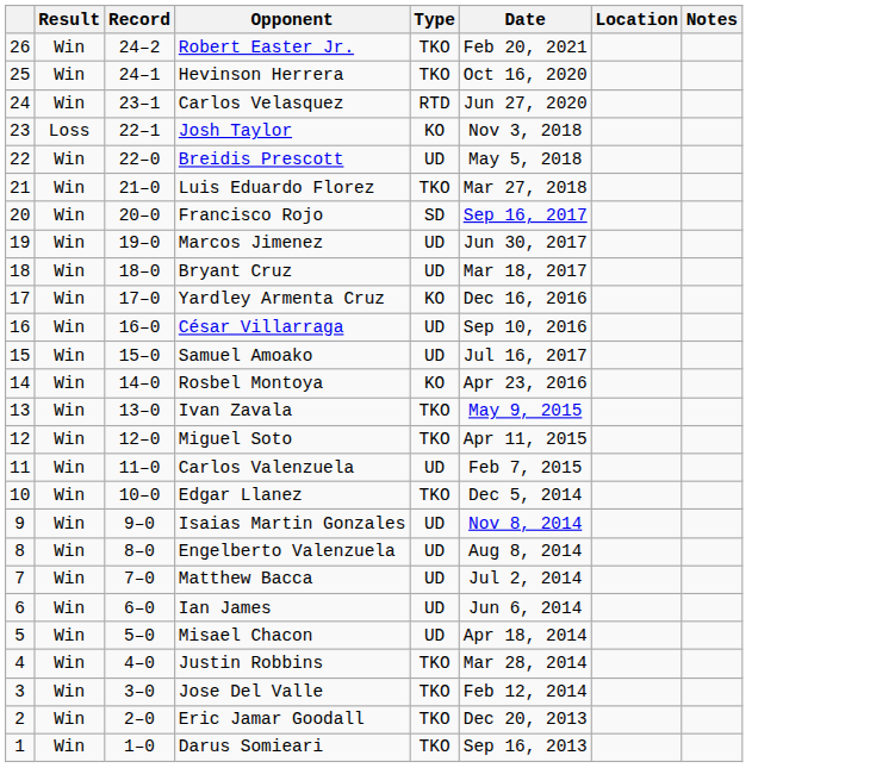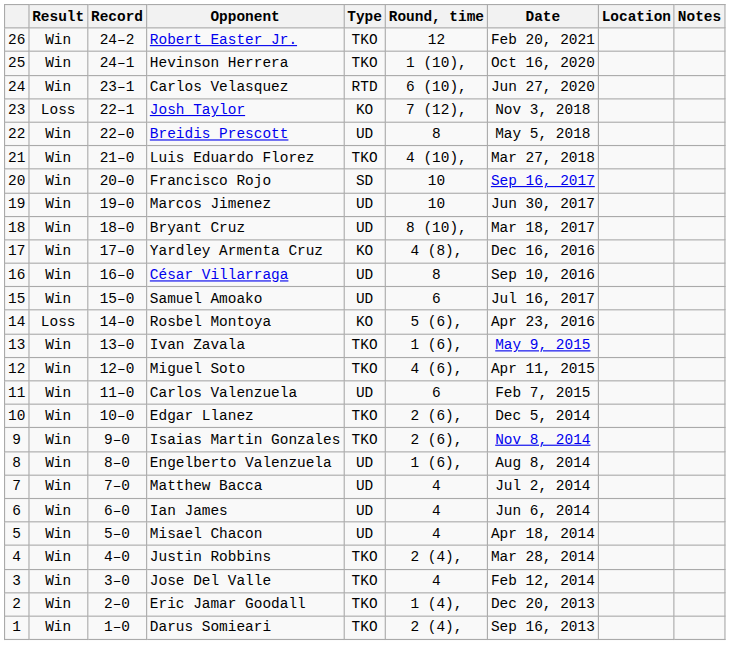 <table class="wikitable" style="text-align:center">
 <tr>
 <th></th>
 <th>Result</th>
 <th>Record</th>
 <th>Opponent</th>
 <th>Type</th>
+<th>Round, time</th>
 <th>Date</th>
 <th>Location</th>
 <th>Notes</th>
 </tr>
 <tr>
 <td>26</td>
 <td>Win</td>
 <td>24–2</td>
 <td align=left> <a href='#'>Robert Easter Jr.</a></td>
 <td>TKO</td>
+<td>12</td>
 <td>Feb 20, 2021</td>
 <td align=left> </td>
 <td></td>
 </tr>
 <tr>
 <td>25</td>
 <td>Win</td>
 <td>24–1</td>
 <td align=left> Hevinson Herrera</td>
 <td>TKO</td>
+<td>1 (10), </td>
 <td>Oct 16, 2020</td>
 <td align=left></td>
 <td></td>
 </tr>
 <tr>
 <td>24</td>
 <td>Win</td>
 <td>23–1</td>
 <td align=left> Carlos Velasquez</td>
 <td>RTD</td>
+<td>6 (10), </td>
 <td>Jun 27, 2020</td>
 <td align=left></td>
 <td></td>
 </tr>
 <tr>
 <td>23</td>
 <td>Loss</td>
 <td>22–1</td>
 <td align=left> <a href='#'>Josh Taylor</a></td>
 <td>KO</td>
+<td>7 (12), </td>
 <td>Nov 3, 2018</td>
 <td align=left> </td>
 <td align=left></td>
 </tr>
 <tr>
 <td>22</td>
 <td>Win</td>
 <td>22–0</td>
 <td align=left> <a href='#'>Breidis Prescott</a></td>
 <td>UD</td>
+<td>8</td>
 <td>May 5, 2018</td>
 <td align=left> </td>
 <td></td>
 </tr>
 <tr>
 <td>21</td>
 <td>Win</td>
 <td>21–0</td>
 <td align=left> Luis Eduardo Florez</td>
 <td>TKO</td>
+<td>4 (10), </td>
 <td>Mar 27, 2018</td>
 <td align=left> </td>
 <td></td>
 </tr>
 <tr>
 <td>20</td>
 <td>Win</td>
 <td>20–0</td>
 <td align=left> Francisco Rojo</td>
 <td>SD</td>
+<td>10</td>
 <td><a href='#'>Sep 16, 2017</a></td>
 <td align=left> </td>
 <td align=left></td>
 </tr>
 <tr>
 <td>19</td>
 <td>Win</td>
 <td>19–0</td>
 <td align=left> Marcos Jimenez</td>
 <td>UD</td>
+<td>10</td>
 <td>Jun 30, 2017</td>
 <td align=left> </td>
 <td></td>
 </tr>
 <tr>
 <td>18</td>
 <td>Win</td>
 <td>18–0</td>
 <td align=left> Bryant Cruz</td>
 <td>UD</td>
+<td>8 (10), </td>
 <td>Mar 18, 2017</td>
 <td align=left> </td>
 <td align=left></td>
 </tr>
 <tr>
 <td>17</td>
 <td>Win</td>
 <td>17–0</td>
 <td align=left> Yardley Armenta Cruz</td>
 <td>KO</td>
+<td>4 (8), </td>
 <td>Dec 16, 2016</td>
 <td align=left> </td>
 <td></td>
 </tr>
 <tr>
 <td>16</td>
 <td>Win</td>
 <td>16–0</td>
 <td align=left> <a href='#'>César Villarraga</a></td>
 <td>UD</td>
+<td>8</td>
 <td>Sep 10, 2016</td>
 <td align=left> </td>
 <td align=left></td>
 </tr>
 <tr>
 <td>15</td>
 <td>Win</td>
 <td>15–0</td>
 <td align=left> Samuel Amoako</td>
 <td>UD</td>
+<td>6</td>
 <td>Jul 16, 2017</td>
 <td align=left> </td>
 <td></td>
 </tr>
 <tr>
 <td>14</td>
-<td>Win</td>
+<td>Loss</td>
 <td>14–0</td>
 <td align=left> Rosbel Montoya</td>
 <td>KO</td>
+<td>5 (6), </td>
 <td>Apr 23, 2016</td>
 <td align=left> </td>
 <td></td>
 </tr>
 <tr>
 <td>13</td>
 <td>Win</td>
 <td>13–0</td>
 <td align=left> Ivan Zavala</td>
 <td>TKO</td>
+<td>1 (6), </td>
 <td><a href='#'>May 9, 2015</a></td>
 <td align=left> </td>
 <td></td>
 </tr>
 <tr>
 <td>12</td>
 <td>Win</td>
 <td>12–0</td>
 <td align=left> Miguel Soto</td>
 <td>TKO</td>
+<td>4 (6), </td>
 <td>Apr 11, 2015</td>
 <td align=left> </td>
 <td></td>
 </tr>
 <tr>
 <td>11</td>
 <td>Win</td>
 <td>11–0</td>
 <td align=left> Carlos Valenzuela</td>
 <td>UD</td>
+<td>6</td>
 <td>Feb 7, 2015</td>
 <td align=left> </td>
 <td></td>
 </tr>
 <tr>
 <td>10</td>
 <td>Win</td>
 <td>10–0</td>
 <td align=left> Edgar Llanez</td>
 <td>TKO</td>
+<td>2 (6), </td>
 <td>Dec 5, 2014</td>
 <td align=left> </td>
 <td></td>
 </tr>
 <tr>
 <td>9</td>
 <td>Win</td>
 <td>9–0</td>
 <td align=left> Isaias Martin Gonzales</td>
-<td>UD</td>
+<td>TKO</td>
+<td>2 (6), </td>
 <td><a href='#'>Nov 8, 2014</a></td>
 <td align=left> </td>
 <td></td>
 </tr>
 <tr>
 <td>8</td>
 <td>Win</td>
 <td>8–0</td>
 <td align=left> Engelberto Valenzuela</td>
 <td>UD</td>
+<td>1 (6), </td>
 <td>Aug 8, 2014</td>
 <td align=left> </td>
 <td></td>
 </tr>
 <tr>
 <td>7</td>
 <td>Win</td>
 <td>7–0</td>
 <td align=left> Matthew Bacca</td>
 <td>UD</td>
+<td>4</td>
 <td>Jul 2, 2014</td>
 <td align=left> </td>
 <td></td>
 </tr>
 <tr>
 <td>6</td>
 <td>Win</td>
 <td>6–0</td>
 <td align=left> Ian James</td>
 <td>UD</td>
+<td>4</td>
 <td>Jun 6, 2014</td>
 <td align=left> </td>
 <td></td>
 </tr>
 <tr>
 <td>5</td>
 <td>Win</td>
 <td>5–0</td>
 <td align=left> Misael Chacon</td>
 <td>UD</td>
+<td>4</td>
 <td>Apr 18, 2014</td>
 <td align=left> </td>
 <td></td>
 </tr>
 <tr>
 <td>4</td>
 <td>Win</td>
 <td>4–0</td>
 <td align=left> Justin Robbins</td>
 <td>TKO</td>
+<td>2 (4), </td>
 <td>Mar 28, 2014</td>
 <td align=left> </td>
 <td></td>
 </tr>
 <tr>
 <td>3</td>
 <td>Win</td>
 <td>3–0</td>
 <td align=left> Jose Del Valle</td>
 <td>TKO</td>
+<td>4</td>
 <td>Feb 12, 2014</td>
 <td align=left> </td>
 <td></td>
 </tr>
 <tr>
 <td>2</td>
 <td>Win</td>
 <td>2–0</td>
 <td align=left> Eric Jamar Goodall</td>
 <td>TKO</td>
+<td>1 (4), </td>
 <td>Dec 20, 2013</td>
 <td align=left> </td>
 <td></td>
 </tr>
 <tr>
 <td>1</td>
 <td>Win</td>
 <td>1–0</td>
 <td align=left> Darus Somieari</td>
 <td>TKO</td>
+<td>2 (4), </td>
 <td>Sep 16, 2013</td>
 <td align=left> </td>
 <td></td>
 </tr>
 </table>
